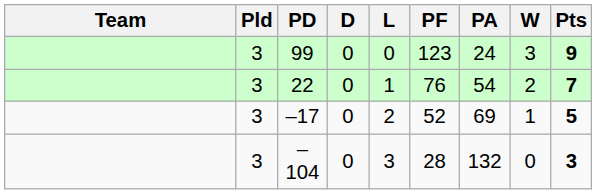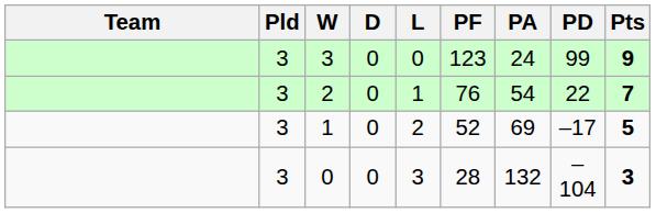 <table class="wikitable" style="text-align:center;">
 <tr>
 <th width=175>Team</th>
 <th width=25 abbr="Played">Pld</th>
-<th width=32 abbr="Points difference">PD</th>
+<th width=25 abbr="Won">W</th>
 <th width=25 abbr="Drawn">D</th>
 <th width=25 abbr="Lost">L</th>
 <th width=32 abbr="Points for">PF</th>
 <th width=32 abbr="Points against">PA</th>
-<th width=25 abbr="Won">W</th>
+<th width=32 abbr="Points difference">PD</th>
 <th width=25 abbr="Points">Pts</th>
 </tr>
 <tr bgcolor=ccffcc>
 <td align=left></td>
 <td>3</td>
-<td>99</td>
+<td>3</td>
 <td>0</td>
 <td>0</td>
 <td>123</td>
 <td>24</td>
-<td>3</td>
+<td>99</td>
 <td><strong>9</strong></td>
 </tr>
 <tr bgcolor=ccffcc>
 <td align=left></td>
 <td>3</td>
-<td>22</td>
+<td>2</td>
 <td>0</td>
 <td>1</td>
 <td>76</td>
 <td>54</td>
-<td>2</td>
+<td>22</td>
 <td><strong>7</strong></td>
 </tr>
 <tr>
 <td align=left></td>
 <td>3</td>
-<td>–17</td>
+<td>1</td>
 <td>0</td>
 <td>2</td>
 <td>52</td>
 <td>69</td>
-<td>1</td>
+<td>–17</td>
 <td><strong>5</strong></td>
 </tr>
 <tr>
 <td align=left></td>
 <td>3</td>
-<td>–104</td>
+<td>0</td>
 <td>0</td>
 <td>3</td>
 <td>28</td>
 <td>132</td>
-<td>0</td>
+<td>–104</td>
 <td><strong>3</strong></td>
 </tr>
 </table>
